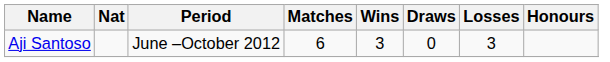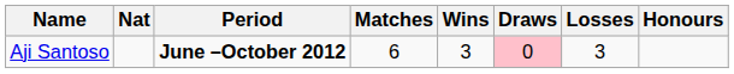 <table class="wikitable">
 <tr>
 <th>Name</th>
 <th>Nat</th>
 <th>Period</th>
 <th>Matches</th>
 <th>Wins</th>
 <th>Draws</th>
 <th>Losses</th>
 <th>Honours</th>
 </tr>
 <tr>
 <td><a href='#'>Aji Santoso</a></td>
 <td align="center"></td>
-<td align="center">June –October 2012</td>
+<td align="center"><strong>June –October 2012</strong></td>
 <td align="center">6</td>
 <td align="center">3</td>
-<td align="center">0</td>
+<td align="center" style="background: pink;">0</td>
 <td align="center">3</td>
 <td></td>
 </tr>
 <tr>
 </tr>
 </table>
